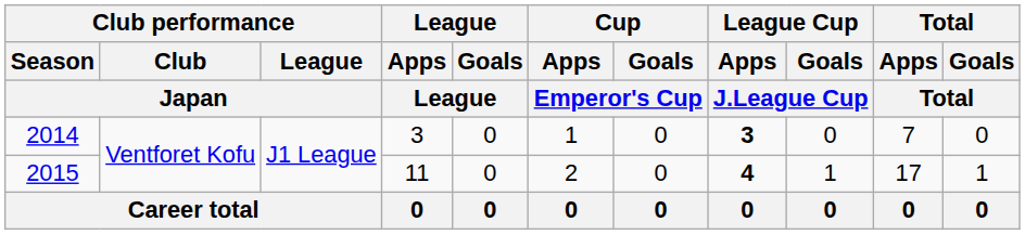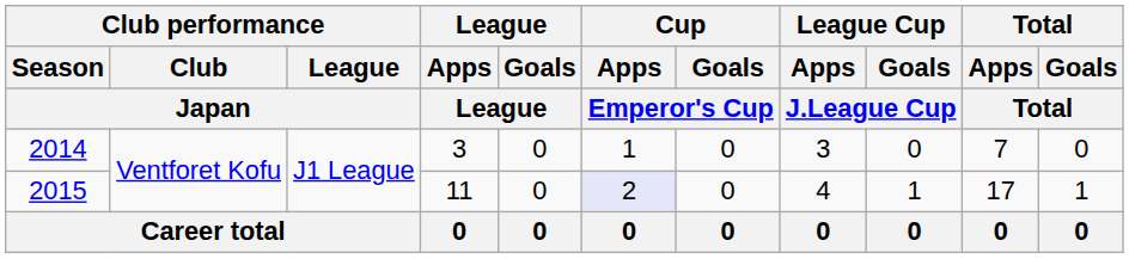 <table class="wikitable" style="text-align:center">
 <tr>
 <th colspan=3>Club performance</th>
 <th colspan=2>League</th>
 <th colspan=2>Cup</th>
 <th colspan=2>League Cup</th>
 <th colspan=2>Total</th>
 </tr>
 <tr>
 <th>Season</th>
 <th>Club</th>
 <th>League</th>
 <th>Apps</th>
 <th>Goals</th>
 <th>Apps</th>
 <th>Goals</th>
 <th>Apps</th>
 <th>Goals</th>
 <th>Apps</th>
 <th>Goals</th>
 </tr>
 <tr>
 <th colspan=3>Japan</th>
 <th colspan=2>League</th>
 <th colspan=2><a href='#'>Emperor's Cup</a></th>
 <th colspan=2><a href='#'>J.League Cup</a></th>
 <th colspan=2>Total</th>
 </tr>
 <tr>
 <td><a href='#'>2014</a></td>
 <td rowspan="2"><a href='#'>Ventforet Kofu</a></td>
 <td rowspan="2"><a href='#'>J1 League</a></td>
 <td>3</td>
 <td>0</td>
 <td>1</td>
 <td>0</td>
-<td><strong>3</strong></td>
+<td>3</td>
 <td>0</td>
 <td>7</td>
 <td>0</td>
 </tr>
 <tr>
 <td><a href='#'>2015</a></td>
 <td>11</td>
 <td>0</td>
-<td>2</td>
+<td style="background: lavender;">2</td>
 <td>0</td>
-<td><strong>4</strong></td>
+<td>4</td>
 <td>1</td>
 <td>17</td>
 <td>1</td>
 </tr>
 <tr>
 <th colspan=3>Career total</th>
 <th>0</th>
 <th>0</th>
 <th>0</th>
 <th>0</th>
 <th>0</th>
 <th>0</th>
 <th>0</th>
 <th>0</th>
 </tr>
 </table>
